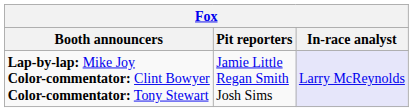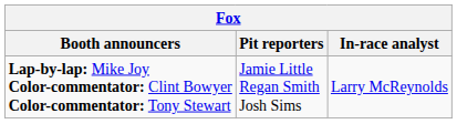 <table class="wikitable" style="font-size: 95%">
 <tr>
 <th colspan="3"><a href='#'>Fox</a></th>
 </tr>
 <tr>
 <th>Booth announcers</th>
 <th>Pit reporters</th>
 <th>In-race analyst</th>
 </tr>
 <tr>
 <td><strong>Lap-by-lap:</strong> <a href='#'>Mike Joy</a><br><strong>Color-commentator:</strong> <a href='#'>Clint Bowyer</a><br><strong>Color-commentator:</strong> <a href='#'>Tony Stewart</a></td>
 <td><a href='#'>Jamie Little</a><br><a href='#'>Regan Smith</a><br>Josh Sims</td>
-<td style="background: lavender;"><a href='#'>Larry McReynolds</a></td>
+<td><a href='#'>Larry McReynolds</a></td>
 </tr>
 </table>
